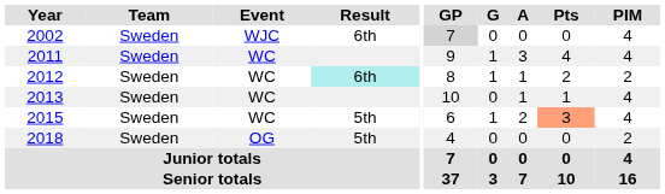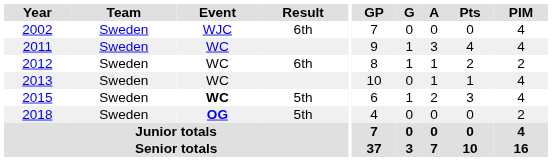 <table border="0" cellpadding="1" cellspacing="0" ID="Table3" style="text-align:center; width:40em">
 <tr ALIGN="center" bgcolor="#e0e0e0">
 <th>Year</th>
 <th>Team</th>
 <th>Event</th>
 <th>Result</th>
 <th rowspan="99" bgcolor="#ffffff"></th>
 <th>GP</th>
 <th>G</th>
 <th>A</th>
 <th>Pts</th>
 <th>PIM</th>
 </tr>
 <tr>
 <td><a href='#'>2002</a></td>
 <td><a href='#'>Sweden</a></td>
 <td><a href='#'>WJC</a></td>
 <td>6th</td>
-<td style="background: lightgrey;">7</td>
+<td>7</td>
 <td>0</td>
 <td>0</td>
 <td>0</td>
 <td>4</td>
 </tr>
 <tr bgcolor="#f0f0f0">
 <td><a href='#'>2011</a></td>
 <td><a href='#'>Sweden</a></td>
 <td><a href='#'>WC</a></td>
 <td></td>
 <td>9</td>
 <td>1</td>
 <td>3</td>
 <td>4</td>
 <td>4</td>
 </tr>
 <tr>
 <td><a href='#'>2012</a></td>
 <td>Sweden</td>
 <td>WC</td>
-<td style="background: paleturquoise;">6th</td>
+<td>6th</td>
 <td>8</td>
 <td>1</td>
 <td>1</td>
 <td>2</td>
 <td>2</td>
 </tr>
 <tr bgcolor="#f0f0f0">
 <td><a href='#'>2013</a></td>
 <td>Sweden</td>
 <td>WC</td>
 <td></td>
 <td>10</td>
 <td>0</td>
 <td>1</td>
 <td>1</td>
 <td>4</td>
 </tr>
 <tr>
 <td><a href='#'>2015</a></td>
 <td>Sweden</td>
-<td>WC</td>
+<td><strong>WC</strong></td>
 <td>5th</td>
 <td>6</td>
 <td>1</td>
 <td>2</td>
-<td style="background: lightsalmon;">3</td>
+<td>3</td>
 <td>4</td>
 </tr>
 <tr bgcolor="#f0f0f0">
 <td><a href='#'>2018</a></td>
 <td>Sweden</td>
-<td><a href='#'>OG</a></td>
+<td><strong><a href='#'>OG</a></strong></td>
 <td>5th</td>
 <td>4</td>
 <td>0</td>
 <td>0</td>
 <td>0</td>
 <td>2</td>
 </tr>
 <tr bgcolor="#e0e0e0">
 <th colspan="4">Junior totals</th>
 <th>7</th>
 <th>0</th>
 <th>0</th>
 <th>0</th>
 <th>4</th>
 </tr>
 <tr bgcolor="#e0e0e0">
 <th colspan="4">Senior totals</th>
 <th>37</th>
 <th>3</th>
 <th>7</th>
 <th>10</th>
 <th>16</th>
 </tr>
 </table>
